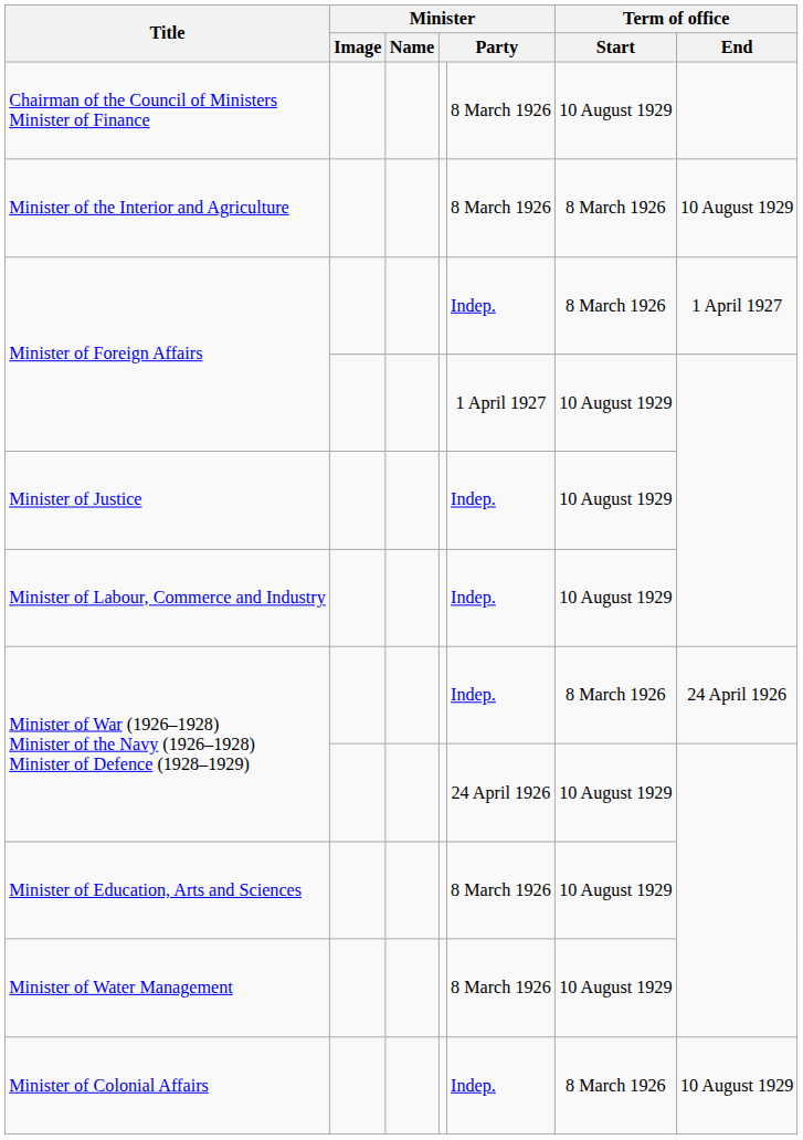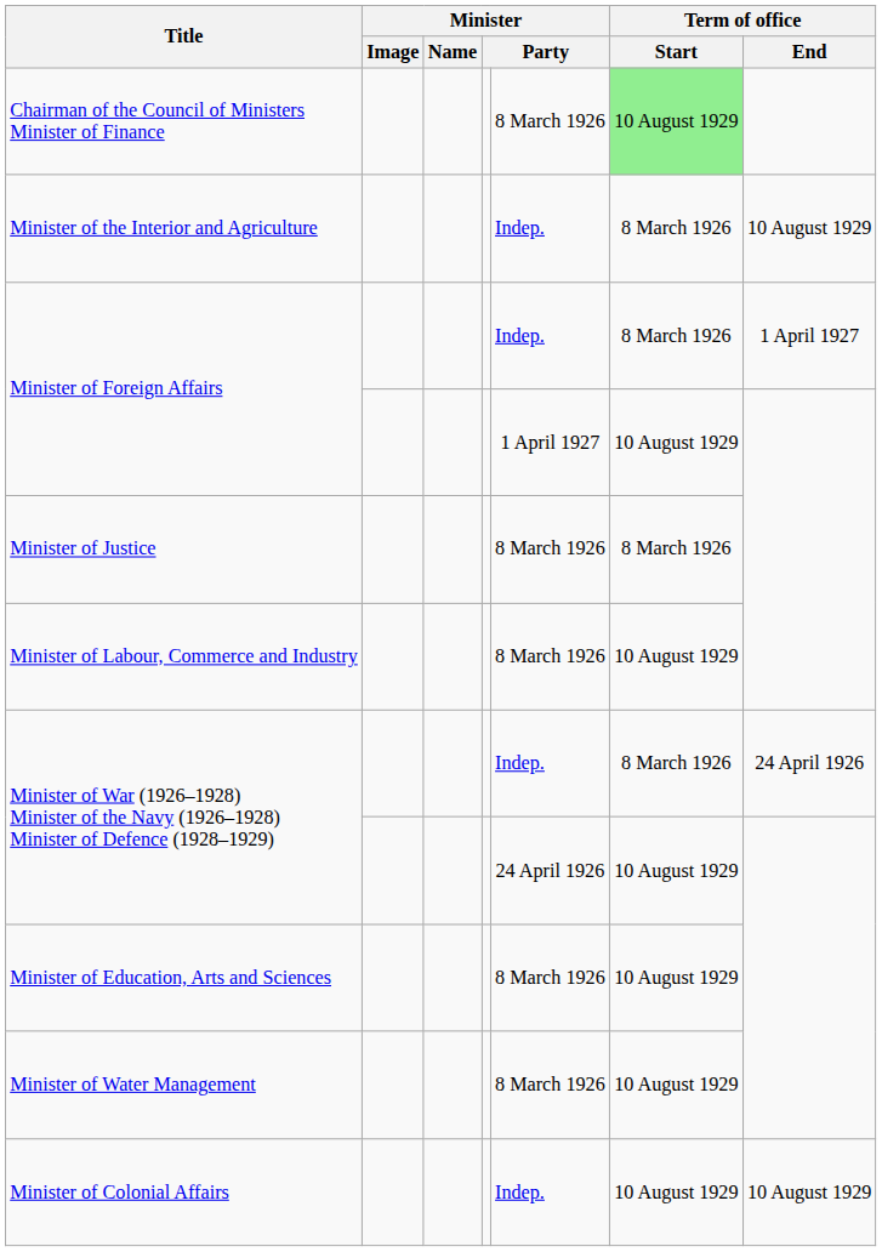 <table class="wikitable sortable" style="text-align:left">
 <tr>
 <th rowspan="2">Title</th>
 <th colspan="4">Minister</th>
 <th colspan="2">Term of office</th>
 </tr>
 <tr>
 <th class="unsortable">Image</th>
 <th>Name</th>
 <th colspan="2">Party</th>
 <th data-sort-type="date">Start</th>
 <th data-sort-type=date>End</th>
 </tr>
 <tr>
 <td><a href='#'>Chairman of the Council of Ministers</a> <br> <a href='#'>Minister of Finance</a></td>
 <td height="80px"></td>
 <td></td>
 <td></td>
 <td style="text-align:center">8 March 1926</td>
-<td style="text-align:center">10 August 1929</td>
+<td style="background: lightgreen; text-align:center">10 August 1929</td>
 </tr>
 <tr>
 <td><a href='#'>Minister of the Interior and Agriculture</a></td>
 <td height="80px"></td>
 <td></td>
 <td style="background:"></td>
-<td style="text-align:center">8 March 1926</td>
+<td><a href='#'>Indep.</a></td>
 <td style="text-align:center">8 March 1926</td>
 <td style="text-align:center">10 August 1929</td>
 </tr>
 <tr>
 <td rowspan=2><a href='#'>Minister of Foreign Affairs</a></td>
 <td height="80px"></td>
 <td></td>
 <td style="background:"></td>
 <td><a href='#'>Indep.</a></td>
 <td style="text-align:center">8 March 1926</td>
 <td style="text-align:center">1 April 1927</td>
 </tr>
 <tr>
 <td height="80px"></td>
 <td></td>
 <td></td>
 <td style="text-align:center">1 April 1927</td>
 <td style="text-align:center">10 August 1929</td>
 </tr>
 <tr>
 <td><a href='#'>Minister of Justice</a></td>
 <td height="80px"></td>
 <td></td>
 <td></td>
-<td><a href='#'>Indep.</a></td>
-<td style="text-align:center">10 August 1929</td>
+<td style="text-align:center">8 March 1926</td>
+<td style="text-align:center">8 March 1926</td>
 </tr>
 <tr>
 <td><a href='#'>Minister of Labour, Commerce and Industry</a></td>
 <td height="80px"></td>
 <td></td>
 <td></td>
-<td><a href='#'>Indep.</a></td>
+<td style="text-align:center">8 March 1926</td>
 <td style="text-align:center">10 August 1929</td>
 </tr>
 <tr>
 <td rowspan="2"><a href='#'>Minister of War</a> (1926–1928) <br> <a href='#'>Minister of the Navy</a> (1926–1928) <br> <a href='#'>Minister of Defence</a> (1928–1929)</td>
 <td height="80px"></td>
 <td></td>
 <td style="background:"></td>
 <td><a href='#'>Indep.</a></td>
 <td style="text-align:center">8 March 1926</td>
 <td style="text-align:center">24 April 1926</td>
 </tr>
 <tr>
 <td height="80px"></td>
 <td></td>
 <td></td>
 <td style="text-align:center">24 April 1926</td>
 <td style="text-align:center">10 August 1929</td>
 </tr>
 <tr>
 <td><a href='#'>Minister of Education, Arts and Sciences</a></td>
 <td height="80px"></td>
 <td></td>
 <td></td>
 <td style="text-align:center">8 March 1926</td>
 <td style="text-align:center">10 August 1929</td>
 </tr>
 <tr>
 <td><a href='#'>Minister of Water Management</a></td>
 <td height="80px"></td>
 <td></td>
 <td></td>
 <td style="text-align:center">8 March 1926</td>
 <td style="text-align:center">10 August 1929</td>
 </tr>
 <tr>
 <td><a href='#'>Minister of Colonial Affairs</a></td>
 <td height="80px"></td>
 <td></td>
 <td style="background:"></td>
 <td><a href='#'>Indep.</a></td>
-<td style="text-align:center">8 March 1926</td>
+<td style="text-align:center">10 August 1929</td>
 <td style="text-align:center">10 August 1929</td>
 </tr>
 </table>
